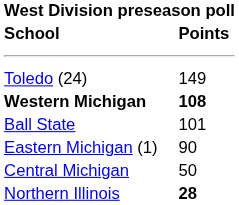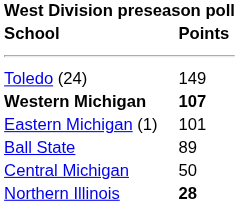 <table class="toccolours" style="float: left; margin-right: 1em;" cellspacing="2">
 <tr>
 <th colspan="2" style="text-align: center;"><strong>West Division preseason poll</strong></th>
 </tr>
 <tr>
 <td><strong>School</strong></td>
 <td><strong>Points</strong></td>
 </tr>
 <tr>
 <td colspan=2><hr></td>
 </tr>
 <tr>
 <td><a href='#'>Toledo</a> (24)</td>
 <td>149</td>
 </tr>
 <tr>
 <td><strong>Western Michigan</strong></td>
-<td><strong>108</strong></td>
+<td><strong>107</strong></td>
+</tr>
+<tr>
+<td><a href='#'>Eastern Michigan</a> (1)</td>
+<td>101</td>
 </tr>
 <tr>
 <td><a href='#'>Ball State</a></td>
-<td>101</td>
-</tr>
-<tr>
-<td><a href='#'>Eastern Michigan</a> (1)</td>
-<td>90</td>
+<td>89</td>
 </tr>
 <tr>
 <td><a href='#'>Central Michigan</a></td>
 <td>50</td>
 </tr>
 <tr>
 <td><a href='#'>Northern Illinois</a></td>
 <td><strong>28</strong></td>
 </tr>
 <tr>
 <td colspan=2><em></em></td>
 </tr>
 </table>
